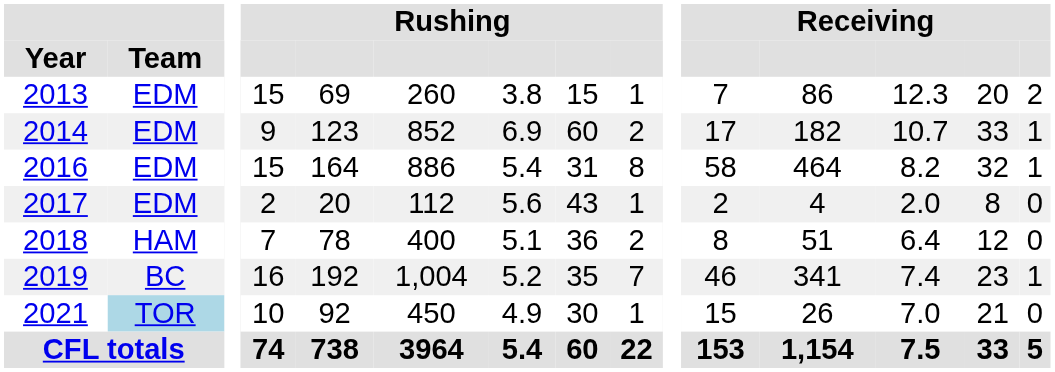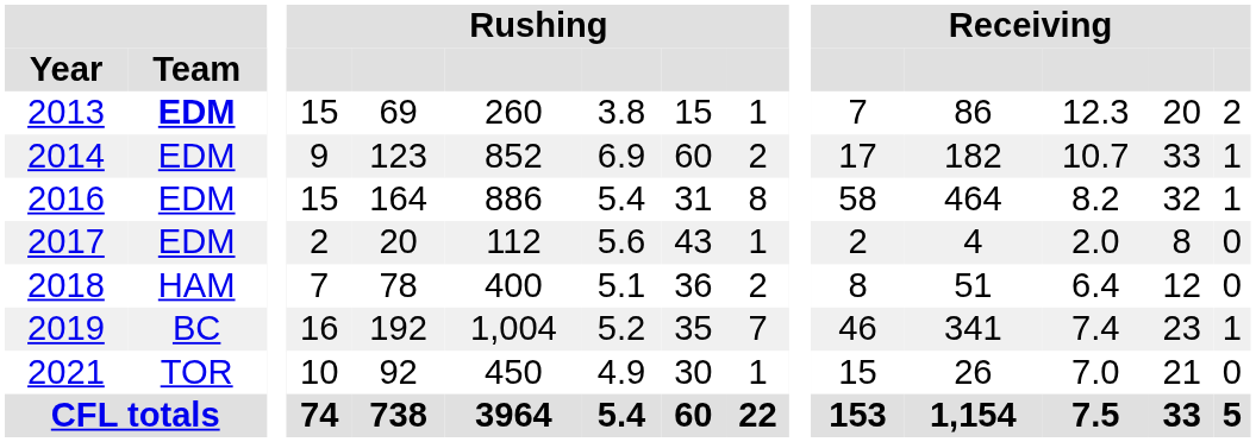 <table BORDER="0" CELLPADDING="1" CELLSPACING="0" width="65%" style="text-align:center">
 <tr bgcolor="#e0e0e0">
 <th colspan="2"></th>
 <th rowspan="100" bgcolor="#ffffff"> </th>
 <th colspan="6">Rushing</th>
 <th rowspan="100" bgcolor="#ffffff"> </th>
 <th colspan="5">Receiving</th>
 </tr>
 <tr bgcolor="#e0e0e0">
 <th>Year</th>
 <th>Team</th>
 <th></th>
 <th></th>
 <th></th>
 <th></th>
 <th></th>
 <th></th>
 <th></th>
 <th></th>
 <th></th>
 <th></th>
 <th></th>
 </tr>
 <tr ALIGN="center">
 <td><a href='#'>2013</a></td>
-<td><a href='#'>EDM</a></td>
+<td><strong><a href='#'>EDM</a></strong></td>
 <td>15</td>
 <td>69</td>
 <td>260</td>
 <td>3.8</td>
 <td>15</td>
 <td>1</td>
 <td>7</td>
 <td>86</td>
 <td>12.3</td>
 <td>20</td>
 <td>2</td>
 </tr>
 <tr ALIGN="center" bgcolor="#f0f0f0">
 <td><a href='#'>2014</a></td>
 <td><a href='#'>EDM</a></td>
 <td>9</td>
 <td>123</td>
 <td>852</td>
 <td>6.9</td>
 <td>60</td>
 <td>2</td>
 <td>17</td>
 <td>182</td>
 <td>10.7</td>
 <td>33</td>
 <td>1</td>
 </tr>
 <tr ALIGN="center">
 <td><a href='#'>2016</a></td>
 <td><a href='#'>EDM</a></td>
 <td>15</td>
 <td>164</td>
 <td>886</td>
 <td>5.4</td>
 <td>31</td>
 <td>8</td>
 <td>58</td>
 <td>464</td>
 <td>8.2</td>
 <td>32</td>
 <td>1</td>
 </tr>
 <tr ALIGN="center" bgcolor="#f0f0f0">
 <td><a href='#'>2017</a></td>
 <td><a href='#'>EDM</a></td>
 <td>2</td>
 <td>20</td>
 <td>112</td>
 <td>5.6</td>
 <td>43</td>
 <td>1</td>
 <td>2</td>
 <td>4</td>
 <td>2.0</td>
 <td>8</td>
 <td>0</td>
 </tr>
 <tr ALIGN="center">
 <td><a href='#'>2018</a></td>
 <td><a href='#'>HAM</a></td>
 <td>7</td>
 <td>78</td>
 <td>400</td>
 <td>5.1</td>
 <td>36</td>
 <td>2</td>
 <td>8</td>
 <td>51</td>
 <td>6.4</td>
 <td>12</td>
 <td>0</td>
 </tr>
 <tr ALIGN="center" bgcolor="#f0f0f0">
 <td><a href='#'>2019</a></td>
 <td><a href='#'>BC</a></td>
 <td>16</td>
 <td>192</td>
 <td>1,004</td>
 <td>5.2</td>
 <td>35</td>
 <td>7</td>
 <td>46</td>
 <td>341</td>
 <td>7.4</td>
 <td>23</td>
 <td>1</td>
 </tr>
 <tr ALIGN="center">
 <td><a href='#'>2021</a></td>
-<td style="background: lightblue;"><a href='#'>TOR</a></td>
+<td><a href='#'>TOR</a></td>
 <td>10</td>
 <td>92</td>
 <td>450</td>
 <td>4.9</td>
 <td>30</td>
 <td>1</td>
 <td>15</td>
 <td>26</td>
 <td>7.0</td>
 <td>21</td>
 <td>0</td>
 </tr>
 <tr bgcolor="#e0e0e0">
 <th colspan="2"><a href='#'>CFL totals</a></th>
 <th>74</th>
 <th>738</th>
 <th>3964</th>
 <th>5.4</th>
 <th>60</th>
 <th>22</th>
 <th>153</th>
 <th>1,154</th>
 <th>7.5</th>
 <th>33</th>
 <th>5</th>
 </tr>
 </table>
